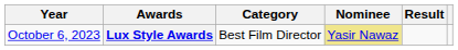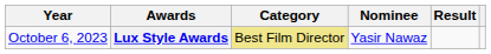 <table class="wikitable plainrowheaders">
 <tr>
 <th>Year</th>
 <th>Awards</th>
 <th>Category</th>
 <th>Nominee</th>
 <th>Result</th>
 <th></th>
 </tr>
 <tr>
 <td><a href='#'>October 6, 2023</a></td>
 <th scope="row"><a href='#'>Lux Style Awards</a></th>
-<td>Best Film Director</td>
-<td style="background: khaki;"><a href='#'>Yasir Nawaz</a></td>
+<td style="background: khaki;">Best Film Director</td>
+<td><a href='#'>Yasir Nawaz</a></td>
 <td></td>
 <td rowspan="5"></td>
 </tr>
 </table>
